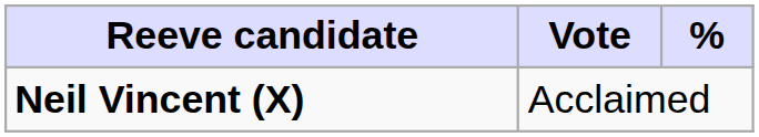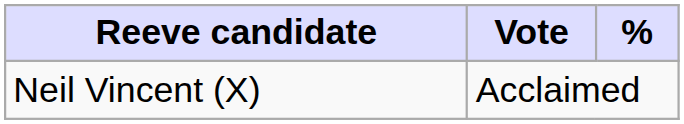 <table class="wikitable">
 <tr>
 <th style="background:#ddf; width:200px;">Reeve candidate </th>
 <th style="background:#ddf; width:50px;">Vote</th>
 <th style="background:#ddf; width:30px;">%</th>
 </tr>
 <tr>
-<td><strong>Neil Vincent (X)</strong></td>
+<td>Neil Vincent (X)</td>
 <td colspan="2">Acclaimed</td>
 </tr>
 </table>
